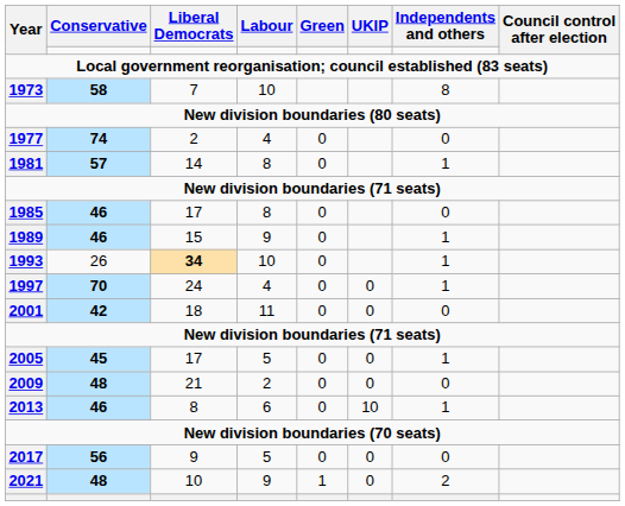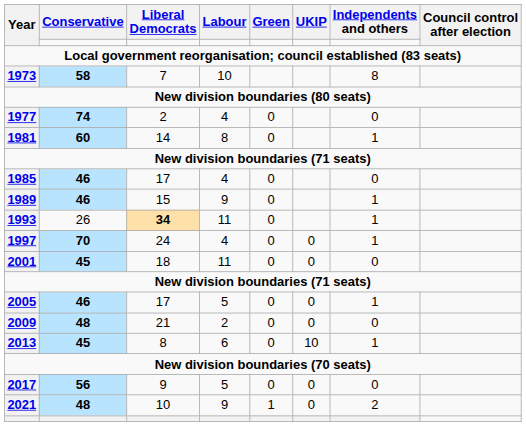 <table class="wikitable plainrowheaders" style="text-align:center">
 <tr>
 <th scope="col" rowspan="2">Year</th>
 <th scope="col"><a href='#'>Conservative</a></th>
 <th scope="col" style="width:1px"><a href='#'>Liberal Democrats</a></th>
 <th scope="col"><a href='#'>Labour</a></th>
 <th scope="col"><a href='#'>Green</a></th>
 <th scope="col"><a href='#'>UKIP</a></th>
 <th scope="col"><a href='#'>Independents</a><br>and others</th>
 <th scope="col" rowspan="2" colspan="2">Council control<br>after election</th>
 </tr>
 <tr>
 <td style="background:"></td>
 <td style="background:"></td>
 <td style="background:"></td>
 <td style="background:"></td>
 <td style="background:"></td>
 <td style="background:"></td>
 </tr>
 <tr>
 <td colspan="9"><strong>Local government reorganisation; council established (83 seats)</strong></td>
 </tr>
 <tr>
 <th scope="row"><a href='#'>1973</a></th>
 <td style="background:#B9E4FF;"><strong>58</strong></td>
 <td>7</td>
 <td>10</td>
 <td></td>
 <td></td>
 <td>8</td>
 <td></td>
 </tr>
 <tr>
 <td colspan="9"><strong>New division boundaries (80 seats)</strong></td>
 </tr>
 <tr>
 <th scope="row"><a href='#'>1977</a></th>
 <td style="background:#B9E4FF;"><strong>74</strong></td>
 <td>2</td>
 <td>4</td>
 <td>0</td>
 <td></td>
 <td>0</td>
 <td></td>
 </tr>
 <tr>
 <th scope="row"><a href='#'>1981</a></th>
-<td style="background:#B9E4FF;"><strong>57</strong></td>
+<td style="background:#B9E4FF;"><strong>60</strong></td>
 <td>14</td>
 <td>8</td>
 <td>0</td>
 <td></td>
 <td>1</td>
 <td></td>
 </tr>
 <tr>
 <td colspan="9"><strong>New division boundaries (71 seats)</strong></td>
 </tr>
 <tr>
 <th scope="row"><a href='#'>1985</a></th>
 <td style="background:#B9E4FF;"><strong>46</strong></td>
 <td>17</td>
-<td>8</td>
+<td>4</td>
 <td>0</td>
 <td></td>
 <td>0</td>
 <td></td>
 </tr>
 <tr>
 <th scope="row"><a href='#'>1989</a></th>
 <td style="background:#B9E4FF;"><strong>46</strong></td>
 <td>15</td>
 <td>9</td>
 <td>0</td>
 <td></td>
 <td>1</td>
 <td></td>
 </tr>
 <tr>
 <th scope="row"><a href='#'>1993</a></th>
 <td>26</td>
 <td style="background:#FEE1A8"><strong>34</strong></td>
-<td>10</td>
+<td>11</td>
 <td>0</td>
 <td></td>
 <td>1</td>
 <td></td>
 </tr>
 <tr>
 <th scope="row"><a href='#'>1997</a></th>
 <td style="background:#B9E4FF;"><strong>70</strong></td>
 <td>24</td>
 <td>4</td>
 <td>0</td>
 <td>0</td>
 <td>1</td>
 <td></td>
 </tr>
 <tr>
 <th scope="row"><a href='#'>2001</a></th>
-<td style="background:#B9E4FF;"><strong>42</strong></td>
+<td style="background:#B9E4FF;"><strong>45</strong></td>
 <td>18</td>
 <td>11</td>
 <td>0</td>
 <td>0</td>
 <td>0</td>
 <td></td>
 </tr>
 <tr>
 <td colspan="9"><strong>New division boundaries (71 seats)</strong></td>
 </tr>
 <tr>
 <th scope="row"><a href='#'>2005</a></th>
-<td style="background:#B9E4FF;"><strong>45</strong></td>
+<td style="background:#B9E4FF;"><strong>46</strong></td>
 <td>17</td>
 <td>5</td>
 <td>0</td>
 <td>0</td>
 <td>1</td>
 <td></td>
 </tr>
 <tr>
 <th scope="row"><a href='#'>2009</a></th>
 <td style="background:#B9E4FF;"><strong>48</strong></td>
 <td>21</td>
 <td>2</td>
 <td>0</td>
 <td>0</td>
 <td>0</td>
 <td></td>
 </tr>
 <tr>
 <th scope="row"><a href='#'>2013</a></th>
-<td style="background:#B9E4FF;"><strong>46</strong></td>
+<td style="background:#B9E4FF;"><strong>45</strong></td>
 <td>8</td>
 <td>6</td>
 <td>0</td>
 <td>10</td>
 <td>1</td>
 <td></td>
 </tr>
 <tr>
 <td colspan="9"><strong>New division boundaries (70 seats)</strong></td>
 </tr>
 <tr>
 <th scope="row"><a href='#'>2017</a></th>
 <td style="background:#B9E4FF;"><strong>56</strong></td>
 <td>9</td>
 <td>5</td>
 <td>0</td>
 <td>0</td>
 <td>0</td>
 <td></td>
 </tr>
 <tr>
 <th scope="row"><a href='#'>2021</a></th>
 <td style="background:#B9E4FF;"><strong>48</strong></td>
 <td>10</td>
 <td>9</td>
 <td>1</td>
 <td>0</td>
 <td>2</td>
 <td></td>
 </tr>
 <tr>
 <th></th>
 <th style="background-color: "></th>
 <th style="background-color: "></th>
 <th style="background-color: "></th>
 <th style="background-color: "></th>
 <th style="background-color: "></th>
 <th style="background-color: "></th>
 </tr>
 </table>
